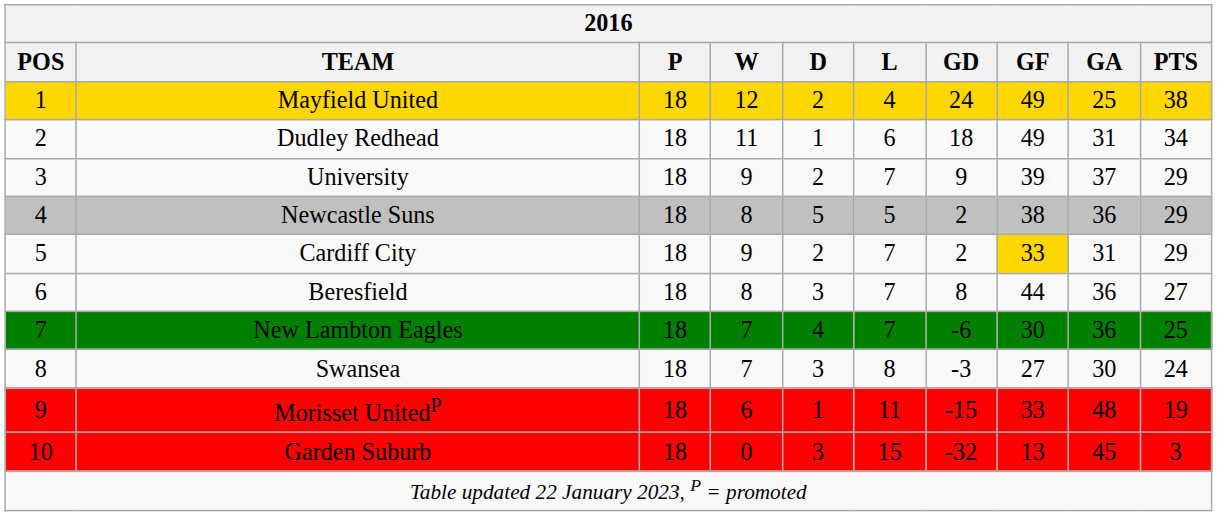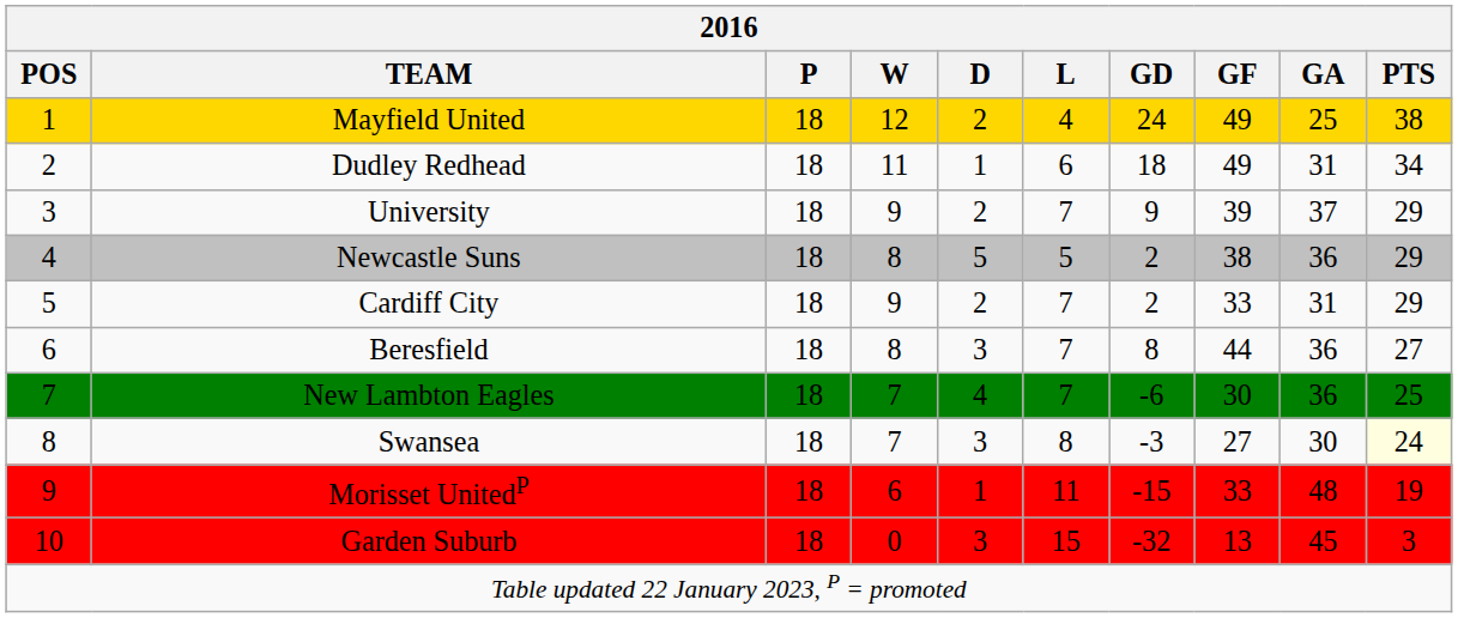 <table class="wikitable collapsible collapsed" style="text-align:center; min-width:50em; margin: 1em auto 1em auto;">
 <tr>
 <th colspan=10>2016</th>
 </tr>
 <tr>
 <th scope="col" width="40px">POS</th>
 <th scope="col">TEAM</th>
 <th scope="col" width="40px">P</th>
 <th scope="col" width="40px">W</th>
 <th scope="col" width="40px">D</th>
 <th scope="col" width="40px">L</th>
 <th scope="col" width="40px">GD</th>
 <th scope="col" width="40px">GF</th>
 <th scope="col" width="40px">GA</th>
 <th scope="col" width="40px">PTS</th>
 </tr>
 <tr style="background: gold;">
 <td>1</td>
 <td>Mayfield United</td>
 <td>18</td>
 <td>12</td>
 <td>2</td>
 <td>4</td>
 <td>24</td>
 <td>49</td>
 <td>25</td>
 <td>38</td>
 </tr>
 <tr>
 <td>2</td>
 <td>Dudley Redhead</td>
 <td>18</td>
 <td>11</td>
 <td>1</td>
 <td>6</td>
 <td>18</td>
 <td>49</td>
 <td>31</td>
 <td>34</td>
 </tr>
 <tr>
 <td>3</td>
 <td>University</td>
 <td>18</td>
 <td>9</td>
 <td>2</td>
 <td>7</td>
 <td>9</td>
 <td>39</td>
 <td>37</td>
 <td>29</td>
 </tr>
 <tr style="background: silver;">
 <td>4</td>
 <td>Newcastle Suns</td>
 <td>18</td>
 <td>8</td>
 <td>5</td>
 <td>5</td>
 <td>2</td>
 <td>38</td>
 <td>36</td>
 <td>29</td>
 </tr>
 <tr>
 <td>5</td>
 <td>Cardiff City</td>
 <td>18</td>
 <td>9</td>
 <td>2</td>
 <td>7</td>
 <td>2</td>
-<td style="background: gold;">33</td>
+<td>33</td>
 <td>31</td>
 <td>29</td>
 </tr>
 <tr>
 <td>6</td>
 <td>Beresfield</td>
 <td>18</td>
 <td>8</td>
 <td>3</td>
 <td>7</td>
 <td>8</td>
 <td>44</td>
 <td>36</td>
 <td>27</td>
 </tr>
 <tr style="background: green;">
 <td>7</td>
 <td>New Lambton Eagles</td>
 <td>18</td>
 <td>7</td>
 <td>4</td>
 <td>7</td>
 <td>-6</td>
 <td>30</td>
 <td>36</td>
 <td>25</td>
 </tr>
 <tr>
 <td>8</td>
 <td>Swansea</td>
 <td>18</td>
 <td>7</td>
 <td>3</td>
 <td>8</td>
 <td>-3</td>
 <td>27</td>
 <td>30</td>
-<td>24</td>
+<td style="background: lightyellow;">24</td>
 </tr>
 <tr style="background: red;">
 <td>9</td>
 <td>Morisset United<sup>P</sup></td>
 <td>18</td>
 <td>6</td>
 <td>1</td>
 <td>11</td>
 <td>-15</td>
 <td>33</td>
 <td>48</td>
 <td>19</td>
 </tr>
 <tr style="background: red;">
 <td>10</td>
 <td>Garden Suburb</td>
 <td>18</td>
 <td>0</td>
 <td>3</td>
 <td>15</td>
 <td>-32</td>
 <td>13</td>
 <td>45</td>
 <td>3</td>
 </tr>
 <tr>
 <td colspan=10 style="font-size:88%"><em>Table updated 22 January 2023, <sup>P</sup> = promoted</em></td>
 </tr>
 </table>
